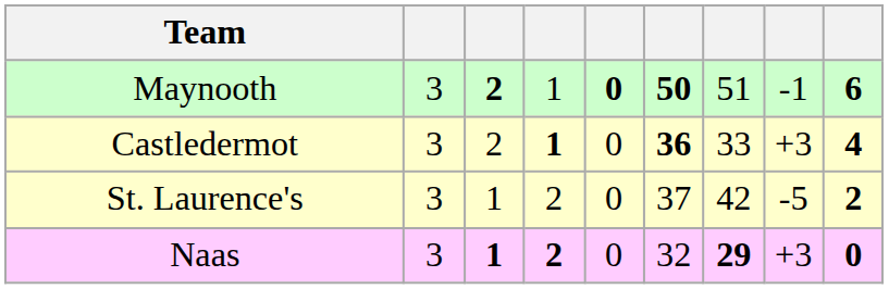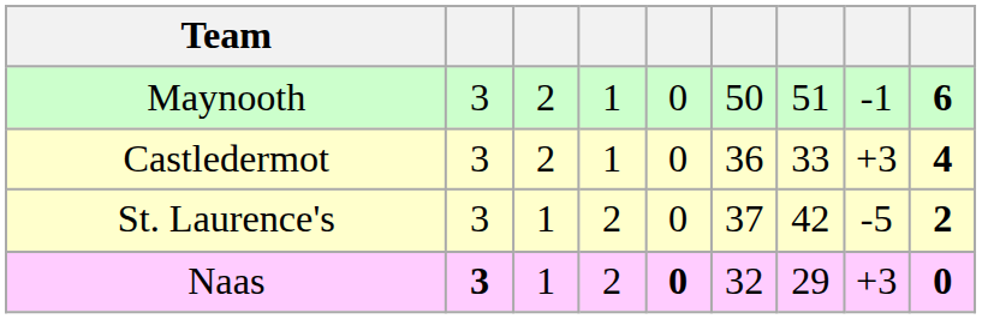 <table class="wikitable" style="text-align:center">
 <tr>
 <th style="width:175px;">Team</th>
 <th width="20"></th>
 <th width="20"></th>
 <th width="20"></th>
 <th width="20"></th>
 <th width="20"></th>
 <th width="20"></th>
 <th width="20"></th>
 <th width="20"></th>
 </tr>
 <tr style="background:#cfc;">
 <td>Maynooth</td>
 <td>3</td>
-<td><strong>2</strong></td>
+<td>2</td>
 <td>1</td>
-<td><strong>0</strong></td>
-<td><strong>50</strong></td>
+<td>0</td>
+<td>50</td>
 <td>51</td>
 <td>-1</td>
 <td><strong>6</strong></td>
 </tr>
 <tr style="background:#ffffcc;">
 <td>Castledermot</td>
 <td>3</td>
 <td>2</td>
-<td><strong>1</strong></td>
+<td>1</td>
 <td>0</td>
-<td><strong>36</strong></td>
+<td>36</td>
 <td>33</td>
 <td>+3</td>
 <td><strong>4</strong></td>
 </tr>
 <tr style="background:#ffffcc;">
 <td>St. Laurence's</td>
 <td>3</td>
 <td>1</td>
 <td>2</td>
 <td>0</td>
 <td>37</td>
 <td>42</td>
 <td>-5</td>
 <td><strong>2</strong></td>
 </tr>
 <tr style="background:#fcf;">
 <td>Naas</td>
-<td>3</td>
-<td><strong>1</strong></td>
-<td><strong>2</strong></td>
-<td>0</td>
+<td><strong>3</strong></td>
+<td>1</td>
+<td>2</td>
+<td><strong>0</strong></td>
 <td>32</td>
-<td><strong>29</strong></td>
+<td>29</td>
 <td>+3</td>
 <td><strong>0</strong></td>
 </tr>
 </table>
